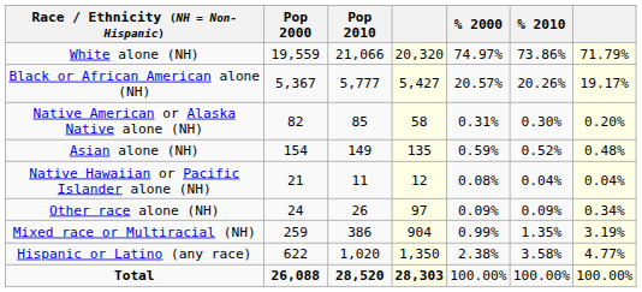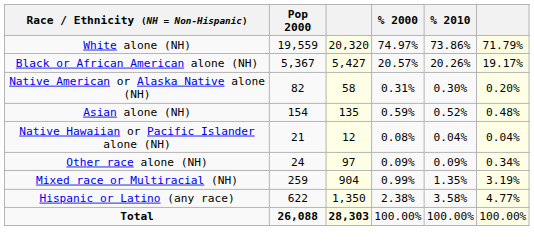 <table class="wikitable" style="text-align:center;">
 <tr>
 <th>Race / Ethnicity <small>(<em>NH = Non-Hispanic</em>)</small></th>
 <th>Pop 2000</th>
-<th>Pop 2010</th>
 <th></th>
 <th>% 2000</th>
 <th>% 2010</th>
 <th></th>
 </tr>
 <tr>
 <td><a href='#'>White</a> alone (NH)</td>
 <td>19,559</td>
-<td>21,066</td>
 <td style='background: #ffffe6;'>20,320</td>
 <td>74.97%</td>
 <td>73.86%</td>
 <td style='background: #ffffe6;'>71.79%</td>
 </tr>
 <tr>
 <td><a href='#'>Black or African American</a> alone (NH)</td>
 <td>5,367</td>
-<td>5,777</td>
 <td style='background: #ffffe6;'>5,427</td>
 <td>20.57%</td>
 <td>20.26%</td>
 <td style='background: #ffffe6;'>19.17%</td>
 </tr>
 <tr>
 <td><a href='#'>Native American</a> or <a href='#'>Alaska Native</a> alone (NH)</td>
 <td>82</td>
-<td>85</td>
 <td style='background: #ffffe6;'>58</td>
 <td>0.31%</td>
 <td>0.30%</td>
 <td style='background: #ffffe6;'>0.20%</td>
 </tr>
 <tr>
 <td><a href='#'>Asian</a> alone (NH)</td>
 <td>154</td>
-<td>149</td>
 <td style='background: #ffffe6;'>135</td>
 <td>0.59%</td>
 <td>0.52%</td>
 <td style='background: #ffffe6;'>0.48%</td>
 </tr>
 <tr>
 <td><a href='#'>Native Hawaiian</a> or <a href='#'>Pacific Islander</a> alone (NH)</td>
 <td>21</td>
-<td>11</td>
 <td style='background: #ffffe6;'>12</td>
 <td>0.08%</td>
 <td>0.04%</td>
 <td style='background: #ffffe6;'>0.04%</td>
 </tr>
 <tr>
 <td><a href='#'>Other race</a> alone (NH)</td>
 <td>24</td>
-<td>26</td>
 <td style='background: #ffffe6;'>97</td>
 <td>0.09%</td>
 <td>0.09%</td>
 <td style='background: #ffffe6;'>0.34%</td>
 </tr>
 <tr>
 <td><a href='#'>Mixed race or Multiracial</a> (NH)</td>
 <td>259</td>
-<td>386</td>
 <td style='background: #ffffe6;'>904</td>
 <td>0.99%</td>
 <td>1.35%</td>
 <td style='background: #ffffe6;'>3.19%</td>
 </tr>
 <tr>
 <td><a href='#'>Hispanic or Latino</a> (any race)</td>
 <td>622</td>
-<td>1,020</td>
 <td style='background: #ffffe6;'>1,350</td>
 <td>2.38%</td>
 <td>3.58%</td>
 <td style='background: #ffffe6;'>4.77%</td>
 </tr>
 <tr>
 <td><strong>Total</strong></td>
 <td><strong>26,088</strong></td>
-<td><strong>28,520</strong></td>
 <td style='background: #ffffe6;'><strong>28,303</strong></td>
 <td>100.00%</td>
 <td>100.00%</td>
 <td style='background: #ffffe6;'>100.00%</td>
 </tr>
 </table>
